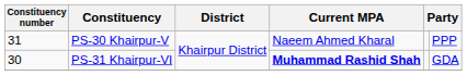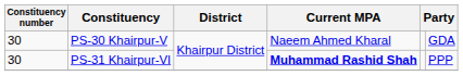 <table class="wikitable">
 <tr>
 <th width="50px" style="font-size:75%">Constituency number</th>
 <th>Constituency</th>
 <th>District</th>
 <th>Current MPA</th>
 <th colspan="2">Party</th>
 </tr>
 <tr>
-<td>31</td>
+<td>30</td>
 <td><a href='#'>PS-30 Khairpur-V</a></td>
 <td rowspan="2"><a href='#'>Khairpur District</a></td>
 <td><a href='#'>Naeem Ahmed Kharal</a></td>
 <td></td>
-<td><a href='#'>PPP</a></td>
+<td><a href='#'>GDA</a></td>
 </tr>
 <tr>
 <td>30</td>
 <td><a href='#'>PS-31 Khairpur-VI</a></td>
 <td><strong><a href='#'>Muhammad Rashid Shah</a></strong></td>
 <td></td>
-<td><a href='#'>GDA</a></td>
+<td><a href='#'>PPP</a></td>
 </tr>
 <tr>
 </tr>
 </table>
